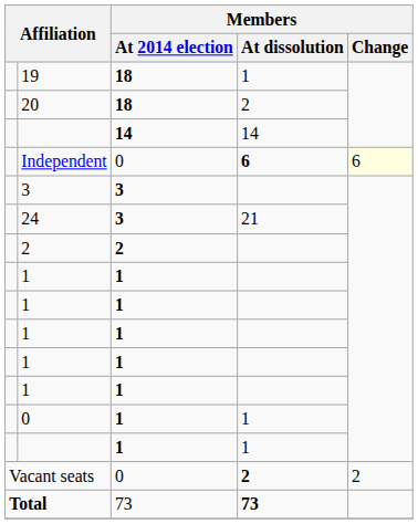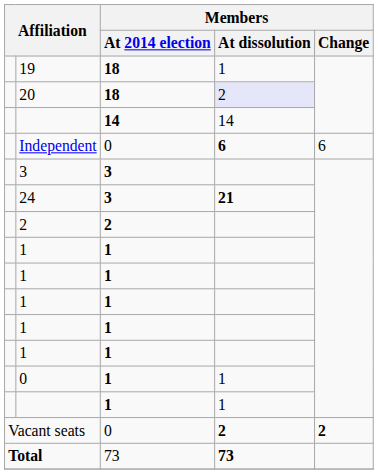 <table class="wikitable" style="font-size:95%">
 <tr>
 <th colspan="2" rowspan="2" style="text-align:center;vertical-align:middle;">Affiliation</th>
 <th colspan="3" style="vertical-align:top;">Members</th>
 </tr>
 <tr>
 <th>At <a href='#'>2014 election</a></th>
 <th>At dissolution</th>
 <th>Change</th>
 </tr>
 <tr>
 <td></td>
 <td>19</td>
 <td><strong>18</strong></td>
 <td align=left> 1</td>
 </tr>
 <tr>
 <td></td>
 <td>20</td>
 <td><strong>18</strong></td>
-<td align=left> 2</td>
+<td align=left style="background: lavender;"> 2</td>
 </tr>
 <tr>
 <td></td>
 <td></td>
 <td><strong>14</strong></td>
 <td align=left> 14</td>
 </tr>
 <tr>
 <td>  </td>
 <td><a href='#'>Independent</a></td>
 <td>0</td>
 <td><strong>6</strong></td>
-<td align=left style="background: lightyellow;"> 6</td>
+<td align=left> 6</td>
 </tr>
 <tr>
 <td></td>
 <td>3</td>
 <td><strong>3</strong></td>
 <td align=left></td>
 </tr>
 <tr>
 <td></td>
 <td>24</td>
 <td><strong>3</strong></td>
-<td align=left> 21</td>
+<td align=left><strong> 21</strong></td>
 </tr>
 <tr>
 <td></td>
 <td>2</td>
 <td><strong>2</strong></td>
 <td align=left></td>
 </tr>
 <tr>
 <td></td>
 <td>1</td>
 <td><strong>1</strong></td>
 <td align=left></td>
 </tr>
 <tr>
 <td></td>
 <td>1</td>
 <td><strong>1</strong></td>
 <td align=left></td>
 </tr>
 <tr>
 <td></td>
 <td>1</td>
 <td><strong>1</strong></td>
 <td align=left></td>
 </tr>
 <tr>
 <td></td>
 <td>1</td>
 <td><strong>1</strong></td>
 <td align=left></td>
 </tr>
 <tr>
 <td></td>
 <td>1</td>
 <td><strong>1</strong></td>
 <td align=left></td>
 </tr>
 <tr>
 <td></td>
 <td>0</td>
 <td><strong>1</strong></td>
 <td align=left> 1</td>
 </tr>
 <tr>
 <td></td>
 <td></td>
 <td><strong>1</strong></td>
 <td align=left> 1</td>
 </tr>
 <tr>
 <td colspan=2>Vacant seats</td>
 <td>0</td>
 <td><strong>2</strong></td>
-<td align=left> 2</td>
+<td align=left><strong> 2</strong></td>
 </tr>
 <tr>
 <td colspan="2" rowspan="1"><strong>Total</strong></td>
 <td>73</td>
 <td><strong>73</strong></td>
 <td align=left></td>
 </tr>
 <tr>
 </tr>
 </table>
